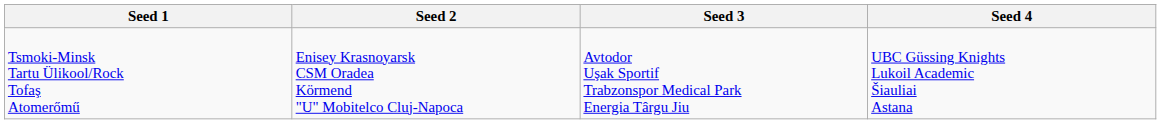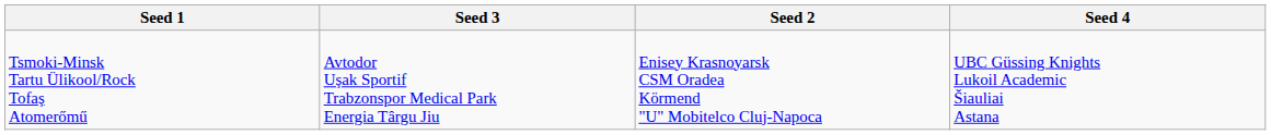 <table class="wikitable" style="width:98%;">
 <tr>
 <th width=16%>Seed 1</th>
+<th width=16%>Seed 3</th>
 <th width=16%>Seed 2</th>
-<th width=16%>Seed 3</th>
 <th width=16%>Seed 4</th>
 </tr>
 <tr>
 <td><br> <a href='#'>Tsmoki-Minsk</a> <br>  <a href='#'>Tartu Ülikool/Rock</a><br>  <a href='#'>Tofaş</a><br>  <a href='#'>Atomerőmű</a><br></td>
+<td><br> <a href='#'>Avtodor</a><br>  <a href='#'>Uşak Sportif</a><br>  <a href='#'>Trabzonspor Medical Park</a><br>  <a href='#'>Energia Târgu Jiu</a><br></td>
 <td><br> <a href='#'>Enisey Krasnoyarsk</a><br>  <a href='#'>CSM Oradea</a><br>  <a href='#'>Körmend</a><br>  <a href='#'>"U" Mobitelco Cluj-Napoca</a><br></td>
-<td><br> <a href='#'>Avtodor</a><br>  <a href='#'>Uşak Sportif</a><br>  <a href='#'>Trabzonspor Medical Park</a><br>  <a href='#'>Energia Târgu Jiu</a><br></td>
 <td><br> <a href='#'>UBC Güssing Knights</a><br>  <a href='#'>Lukoil Academic</a><br>  <a href='#'>Šiauliai</a><br>  <a href='#'>Astana</a><br></td>
 </tr>
 </table>
